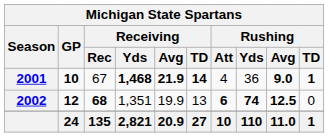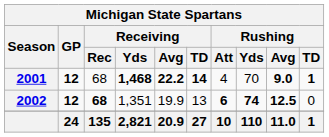 <table class="wikitable" style="text-align:center;">
 <tr>
 <th colspan="16">Michigan State Spartans</th>
 </tr>
 <tr>
 <th rowspan="2">Season</th>
 <th rowspan="2">GP</th>
 <th colspan="4">Receiving</th>
 <th colspan="4">Rushing</th>
 </tr>
 <tr>
 <th>Rec</th>
 <th>Yds</th>
 <th>Avg</th>
 <th>TD</th>
 <th>Att</th>
 <th>Yds</th>
 <th>Avg</th>
 <th>TD</th>
 </tr>
 <tr>
 <th><a href='#'>2001</a></th>
-<td><strong>10</strong></td>
-<td>67</td>
+<td><strong>12</strong></td>
+<td>68</td>
 <td><strong>1,468</strong></td>
-<td><strong>21.9</strong></td>
+<td><strong>22.2</strong></td>
 <td><strong>14</strong></td>
 <td>4</td>
-<td>36</td>
+<td>70</td>
 <td><strong>9.0</strong></td>
 <td><strong>1</strong></td>
 </tr>
 <tr>
 <th><a href='#'>2002</a></th>
 <td><strong>12</strong></td>
 <td><strong>68</strong></td>
 <td>1,351</td>
 <td>19.9</td>
 <td>13</td>
 <td><strong>6</strong></td>
 <td><strong>74</strong></td>
 <td><strong>12.5</strong></td>
 <td>0</td>
 </tr>
 <tr>
 </tr>
 <tr>
 <th></th>
 <th>24</th>
 <th>135</th>
 <th>2,821</th>
 <th>20.9</th>
 <th>27</th>
 <th>10</th>
 <th>110</th>
 <th>11.0</th>
 <th>1</th>
 </tr>
 </table>
